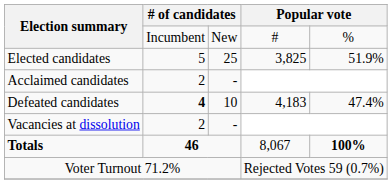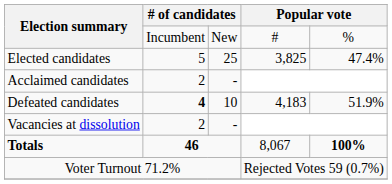 <table class=wikitable>
 <tr>
 <th rowspan="2">Election summary</th>
 <th colspan="2"># of candidates</th>
 <th colspan="2">Popular vote</th>
 </tr>
 <tr>
 <td>Incumbent</td>
 <td>New</td>
 <td align="center">#</td>
 <td align="center">%</td>
 </tr>
 <tr>
 <td>Elected candidates</td>
 <td align="right">5</td>
 <td align="right">25</td>
 <td align="right">3,825</td>
-<td align="right">51.9%</td>
+<td align="right">47.4%</td>
 </tr>
 <tr>
 <td>Acclaimed candidates</td>
 <td align="right">2</td>
 <td align="right">-</td>
 <td align="right" colspan=2 bgcolor="white"></td>
 </tr>
 <tr>
 <td>Defeated candidates</td>
 <td align="right"><strong>4</strong></td>
 <td align="right">10</td>
 <td align="right">4,183</td>
-<td align="right">47.4%</td>
+<td align="right">51.9%</td>
 </tr>
 <tr>
 <td><span>Vacancies at <a href='#'>dissolution</a></span></td>
 <td align="right">2</td>
 <td align="right">-</td>
 <td align="right" colspan=3 bgcolor="white"></td>
 </tr>
 <tr>
 <td><strong>Totals</strong></td>
 <td colspan="2" align="center"><strong>46</strong></td>
 <td align="center">8,067</td>
 <td align="center"><strong>100%</strong></td>
 </tr>
 <tr>
 <td colspan=3 align=center>Voter Turnout 71.2%</td>
 <td colspan=2 align=center><span>Rejected Votes 59 (0.7%)</span></td>
 </tr>
 <tr>
 </tr>
 </table>
